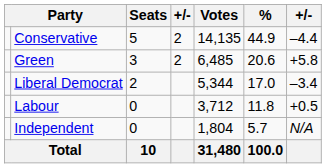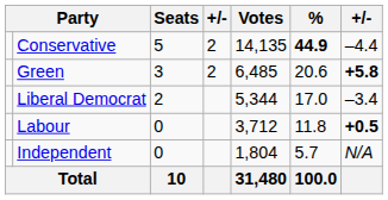 <table class="wikitable sortable">
 <tr>
 <th colspan="2">Party</th>
 <th>Seats</th>
 <th>+/-</th>
 <th>Votes</th>
 <th>%</th>
 <th>+/-</th>
 </tr>
 <tr>
 <td style="background-color: "></td>
 <td><a href='#'>Conservative</a></td>
 <td>5</td>
 <td> 2</td>
 <td>14,135</td>
-<td>44.9</td>
+<td><strong>44.9</strong></td>
 <td>–4.4</td>
 </tr>
 <tr>
 <td style="background-color: "></td>
 <td><a href='#'>Green</a></td>
 <td>3</td>
 <td> 2</td>
 <td>6,485</td>
 <td>20.6</td>
-<td>+5.8</td>
+<td><strong>+5.8</strong></td>
 </tr>
 <tr>
 <td style="background-color: "></td>
 <td><a href='#'>Liberal Democrat</a></td>
 <td>2</td>
 <td></td>
 <td>5,344</td>
 <td>17.0</td>
 <td>–3.4</td>
 </tr>
 <tr>
 <td style="background-color: "></td>
 <td><a href='#'>Labour</a></td>
 <td>0</td>
 <td></td>
 <td>3,712</td>
 <td>11.8</td>
-<td>+0.5</td>
+<td><strong>+0.5</strong></td>
 </tr>
 <tr>
 <td style="background-color: "></td>
 <td><a href='#'>Independent</a></td>
 <td>0</td>
 <td></td>
 <td>1,804</td>
 <td>5.7</td>
 <td><em>N/A</em></td>
 </tr>
 <tr>
 <th colspan="2"><strong>Total</strong></th>
 <th>10</th>
 <th></th>
 <th>31,480</th>
 <th>100.0</th>
 <th></th>
 </tr>
 </table>
